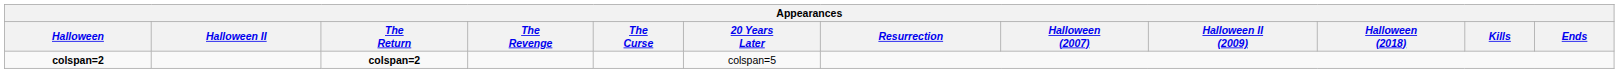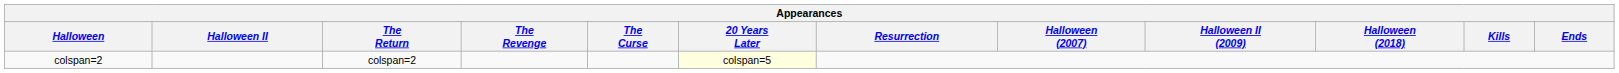 <table class="wikitable" style="text-align:center; width:99%; font-size:80%">
 <tr>
 <th colspan="12" scope="col">Appearances</th>
 </tr>
 <tr>
 <th scope="row"><em><a href='#'>Halloween</a></em></th>
 <th scope="row"><em><a href='#'>Halloween II</a></em></th>
 <th scope="row"><em><a href='#'>The <br>Return</a></em></th>
 <th scope="row"><em><a href='#'>The <br>Revenge</a></em></th>
 <th scope="row"><em><a href='#'>The<br>Curse</a></em></th>
 <th scope="row"><em><a href='#'>20 Years<br> Later</a></em></th>
 <th scope="row"><em><a href='#'>Resurrection</a></em></th>
 <th scope="row"><em><a href='#'>Halloween <br>(2007)</a></em></th>
 <th scope="row"><em><a href='#'>Halloween II <br> (2009)</a></em></th>
 <th scope="row"><em><a href='#'>Halloween<br>(2018)</a></em></th>
 <th scope="row"><em><a href='#'>Kills</a></em></th>
 <th scope="row"><em><a href='#'>Ends</a></em></th>
 </tr>
 <tr>
-<td><strong>colspan=2 </strong></td>
+<td>colspan=2 </td>
 <td></td>
-<td><strong>colspan=2  </strong></td>
+<td>colspan=2  </td>
 <td></td>
 <td></td>
-<td>colspan=5 </td>
+<td style="background: lightyellow;">colspan=5 </td>
 </tr>
 </table>
